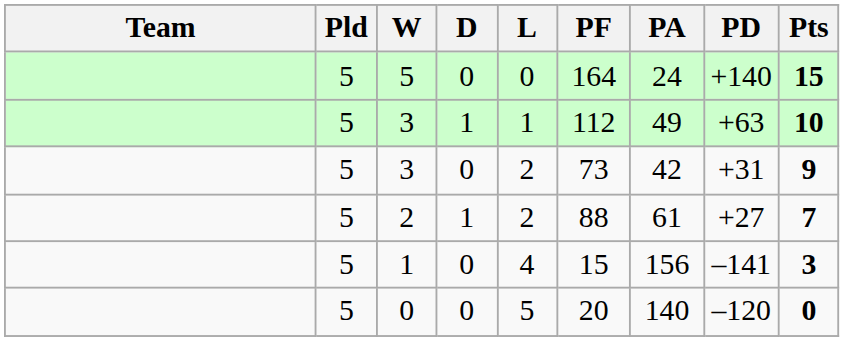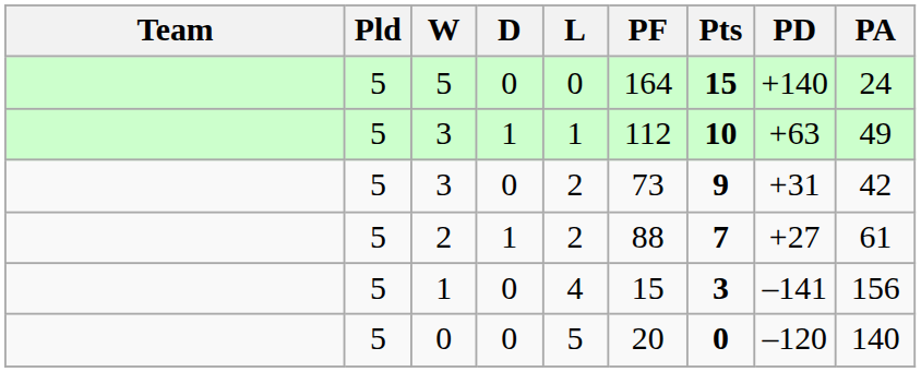 <table class="wikitable" style="text-align:center;">
 <tr>
 <th width=160>Team</th>
 <th width=25 abbr="Played">Pld</th>
 <th width=25 abbr="Won">W</th>
 <th width=25 abbr="Drawn">D</th>
 <th width=25 abbr="Lost">L</th>
 <th width=32 abbr="Points for">PF</th>
+<th width=25 abbr="Points">Pts</th>
+<th width=32 abbr="Points difference">PD</th>
 <th width=32 abbr="Points against">PA</th>
-<th width=32 abbr="Points difference">PD</th>
-<th width=25 abbr="Points">Pts</th>
 </tr>
 <tr bgcolor=ccffcc>
 <td align=left></td>
 <td>5</td>
 <td>5</td>
 <td>0</td>
 <td>0</td>
 <td>164</td>
+<td><strong>15</strong></td>
+<td>+140</td>
 <td>24</td>
-<td>+140</td>
-<td><strong>15</strong></td>
 </tr>
 <tr bgcolor=ccffcc>
 <td align=left></td>
 <td>5</td>
 <td>3</td>
 <td>1</td>
 <td>1</td>
 <td>112</td>
+<td><strong>10</strong></td>
+<td>+63</td>
 <td>49</td>
-<td>+63</td>
-<td><strong>10</strong></td>
 </tr>
 <tr>
 <td align=left></td>
 <td>5</td>
 <td>3</td>
 <td>0</td>
 <td>2</td>
 <td>73</td>
+<td><strong>9</strong></td>
+<td>+31</td>
 <td>42</td>
-<td>+31</td>
-<td><strong>9</strong></td>
 </tr>
 <tr>
 <td align=left></td>
 <td>5</td>
 <td>2</td>
 <td>1</td>
 <td>2</td>
 <td>88</td>
+<td><strong>7</strong></td>
+<td>+27</td>
 <td>61</td>
-<td>+27</td>
-<td><strong>7</strong></td>
 </tr>
 <tr>
 <td align=left></td>
 <td>5</td>
 <td>1</td>
 <td>0</td>
 <td>4</td>
 <td>15</td>
+<td><strong>3</strong></td>
+<td>–141</td>
 <td>156</td>
-<td>–141</td>
-<td><strong>3</strong></td>
 </tr>
 <tr>
 <td align=left></td>
 <td>5</td>
 <td>0</td>
 <td>0</td>
 <td>5</td>
 <td>20</td>
+<td><strong>0</strong></td>
+<td>–120</td>
 <td>140</td>
-<td>–120</td>
-<td><strong>0</strong></td>
 </tr>
 </table>
